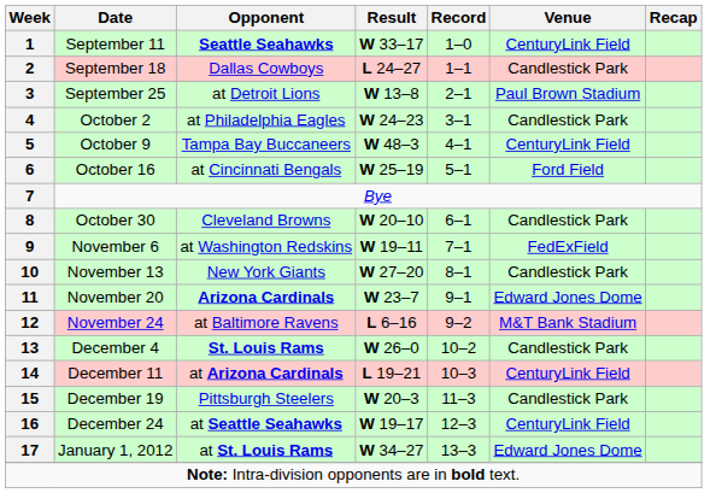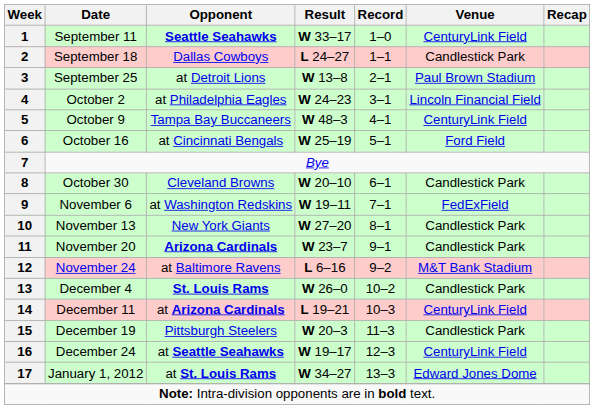 <table class="wikitable" style="text-align:center">
 <tr>
 <th>Week</th>
 <th>Date</th>
 <th>Opponent</th>
 <th>Result</th>
 <th>Record</th>
 <th>Venue</th>
 <th>Recap</th>
 </tr>
 <tr style="background:#cfc">
 <th>1</th>
 <td>September 11</td>
 <td><strong><a href='#'>Seattle Seahawks</a></strong></td>
 <td><strong>W</strong> 33–17</td>
 <td>1–0</td>
 <td><a href='#'>CenturyLink Field</a></td>
 <td></td>
 </tr>
 <tr style="background:#fcc">
 <th>2</th>
 <td>September 18</td>
 <td><a href='#'>Dallas Cowboys</a></td>
 <td><strong>L</strong> 24–27 </td>
 <td>1–1</td>
 <td>Candlestick Park</td>
 <td></td>
 </tr>
 <tr style="background:#cfc;">
 <th>3</th>
 <td>September 25</td>
 <td>at <a href='#'>Detroit Lions</a></td>
 <td><strong>W</strong> 13–8</td>
 <td>2–1</td>
 <td><a href='#'>Paul Brown Stadium</a></td>
 <td></td>
 </tr>
 <tr style="background:#cfc">
 <th>4</th>
 <td>October 2</td>
 <td>at <a href='#'>Philadelphia Eagles</a></td>
 <td><strong>W</strong> 24–23</td>
 <td>3–1</td>
-<td>Candlestick Park</td>
+<td><a href='#'>Lincoln Financial Field</a></td>
 <td></td>
 </tr>
 <tr style="background:#cfc">
 <th>5</th>
 <td>October 9</td>
 <td><a href='#'>Tampa Bay Buccaneers</a></td>
 <td><strong>W</strong> 48–3</td>
 <td>4–1</td>
 <td><a href='#'>CenturyLink Field</a></td>
 <td></td>
 </tr>
 <tr style="background:#cfc">
 <th>6</th>
 <td>October 16</td>
 <td>at <a href='#'>Cincinnati Bengals</a></td>
 <td><strong>W</strong> 25–19</td>
 <td>5–1</td>
 <td><a href='#'>Ford Field</a></td>
 <td></td>
 </tr>
 <tr>
 <th>7</th>
 <td colspan="8"><em><a href='#'>Bye</a></em></td>
 </tr>
 <tr style="background:#cfc">
 <th>8</th>
 <td>October 30</td>
 <td><a href='#'>Cleveland Browns</a></td>
 <td><strong>W</strong> 20–10</td>
 <td>6–1</td>
 <td>Candlestick Park</td>
 <td></td>
 </tr>
 <tr style="background:#cfc">
 <th>9</th>
 <td>November 6</td>
 <td>at <a href='#'>Washington Redskins</a></td>
 <td><strong>W</strong> 19–11</td>
 <td>7–1</td>
 <td><a href='#'>FedExField</a></td>
 <td></td>
 </tr>
 <tr style="background:#cfc">
 <th>10</th>
 <td>November 13</td>
 <td><a href='#'>New York Giants</a></td>
 <td><strong>W</strong> 27–20</td>
 <td>8–1</td>
 <td>Candlestick Park</td>
 <td></td>
 </tr>
 <tr style="background:#cfc">
 <th>11</th>
 <td>November 20</td>
 <td><strong><a href='#'>Arizona Cardinals</a></strong></td>
 <td><strong>W</strong> 23–7</td>
 <td>9–1</td>
-<td><a href='#'>Edward Jones Dome</a></td>
+<td>Candlestick Park</td>
 <td></td>
 </tr>
 <tr style="background:#fcc">
 <th>12</th>
 <td><a href='#'>November 24</a></td>
 <td>at <a href='#'>Baltimore Ravens</a></td>
 <td><strong>L</strong> 6–16</td>
 <td>9–2</td>
 <td><a href='#'>M&T Bank Stadium</a></td>
 <td></td>
 </tr>
 <tr style="background:#cfc">
 <th>13</th>
 <td>December 4</td>
 <td><strong><a href='#'>St. Louis Rams</a></strong></td>
 <td><strong>W</strong> 26–0</td>
 <td>10–2</td>
 <td>Candlestick Park</td>
 <td></td>
 </tr>
 <tr style="background:#fcc">
 <th>14</th>
 <td>December 11</td>
 <td>at <strong><a href='#'>Arizona Cardinals</a></strong></td>
 <td><strong>L</strong> 19–21</td>
 <td>10–3</td>
 <td><a href='#'>CenturyLink Field</a></td>
 <td></td>
 </tr>
 <tr style="background:#cfc">
 <th>15</th>
 <td>December 19</td>
 <td><a href='#'>Pittsburgh Steelers</a></td>
 <td><strong>W</strong> 20–3</td>
 <td>11–3</td>
 <td>Candlestick Park</td>
 <td></td>
 </tr>
 <tr style="background:#cfc">
 <th>16</th>
 <td>December 24</td>
 <td>at <strong><a href='#'>Seattle Seahawks</a></strong></td>
 <td><strong>W</strong> 19–17</td>
 <td>12–3</td>
 <td><a href='#'>CenturyLink Field</a></td>
 <td></td>
 </tr>
 <tr style="background:#cfc">
 <th>17</th>
 <td>January 1, 2012</td>
 <td>at <strong><a href='#'>St. Louis Rams</a></strong></td>
 <td><strong>W</strong> 34–27</td>
 <td>13–3</td>
 <td><a href='#'>Edward Jones Dome</a></td>
 <td></td>
 </tr>
 <tr>
 </tr>
 <tr>
 <td colspan="8"><strong>Note:</strong> Intra-division opponents are in <strong>bold</strong> text.</td>
 </tr>
 </table>
